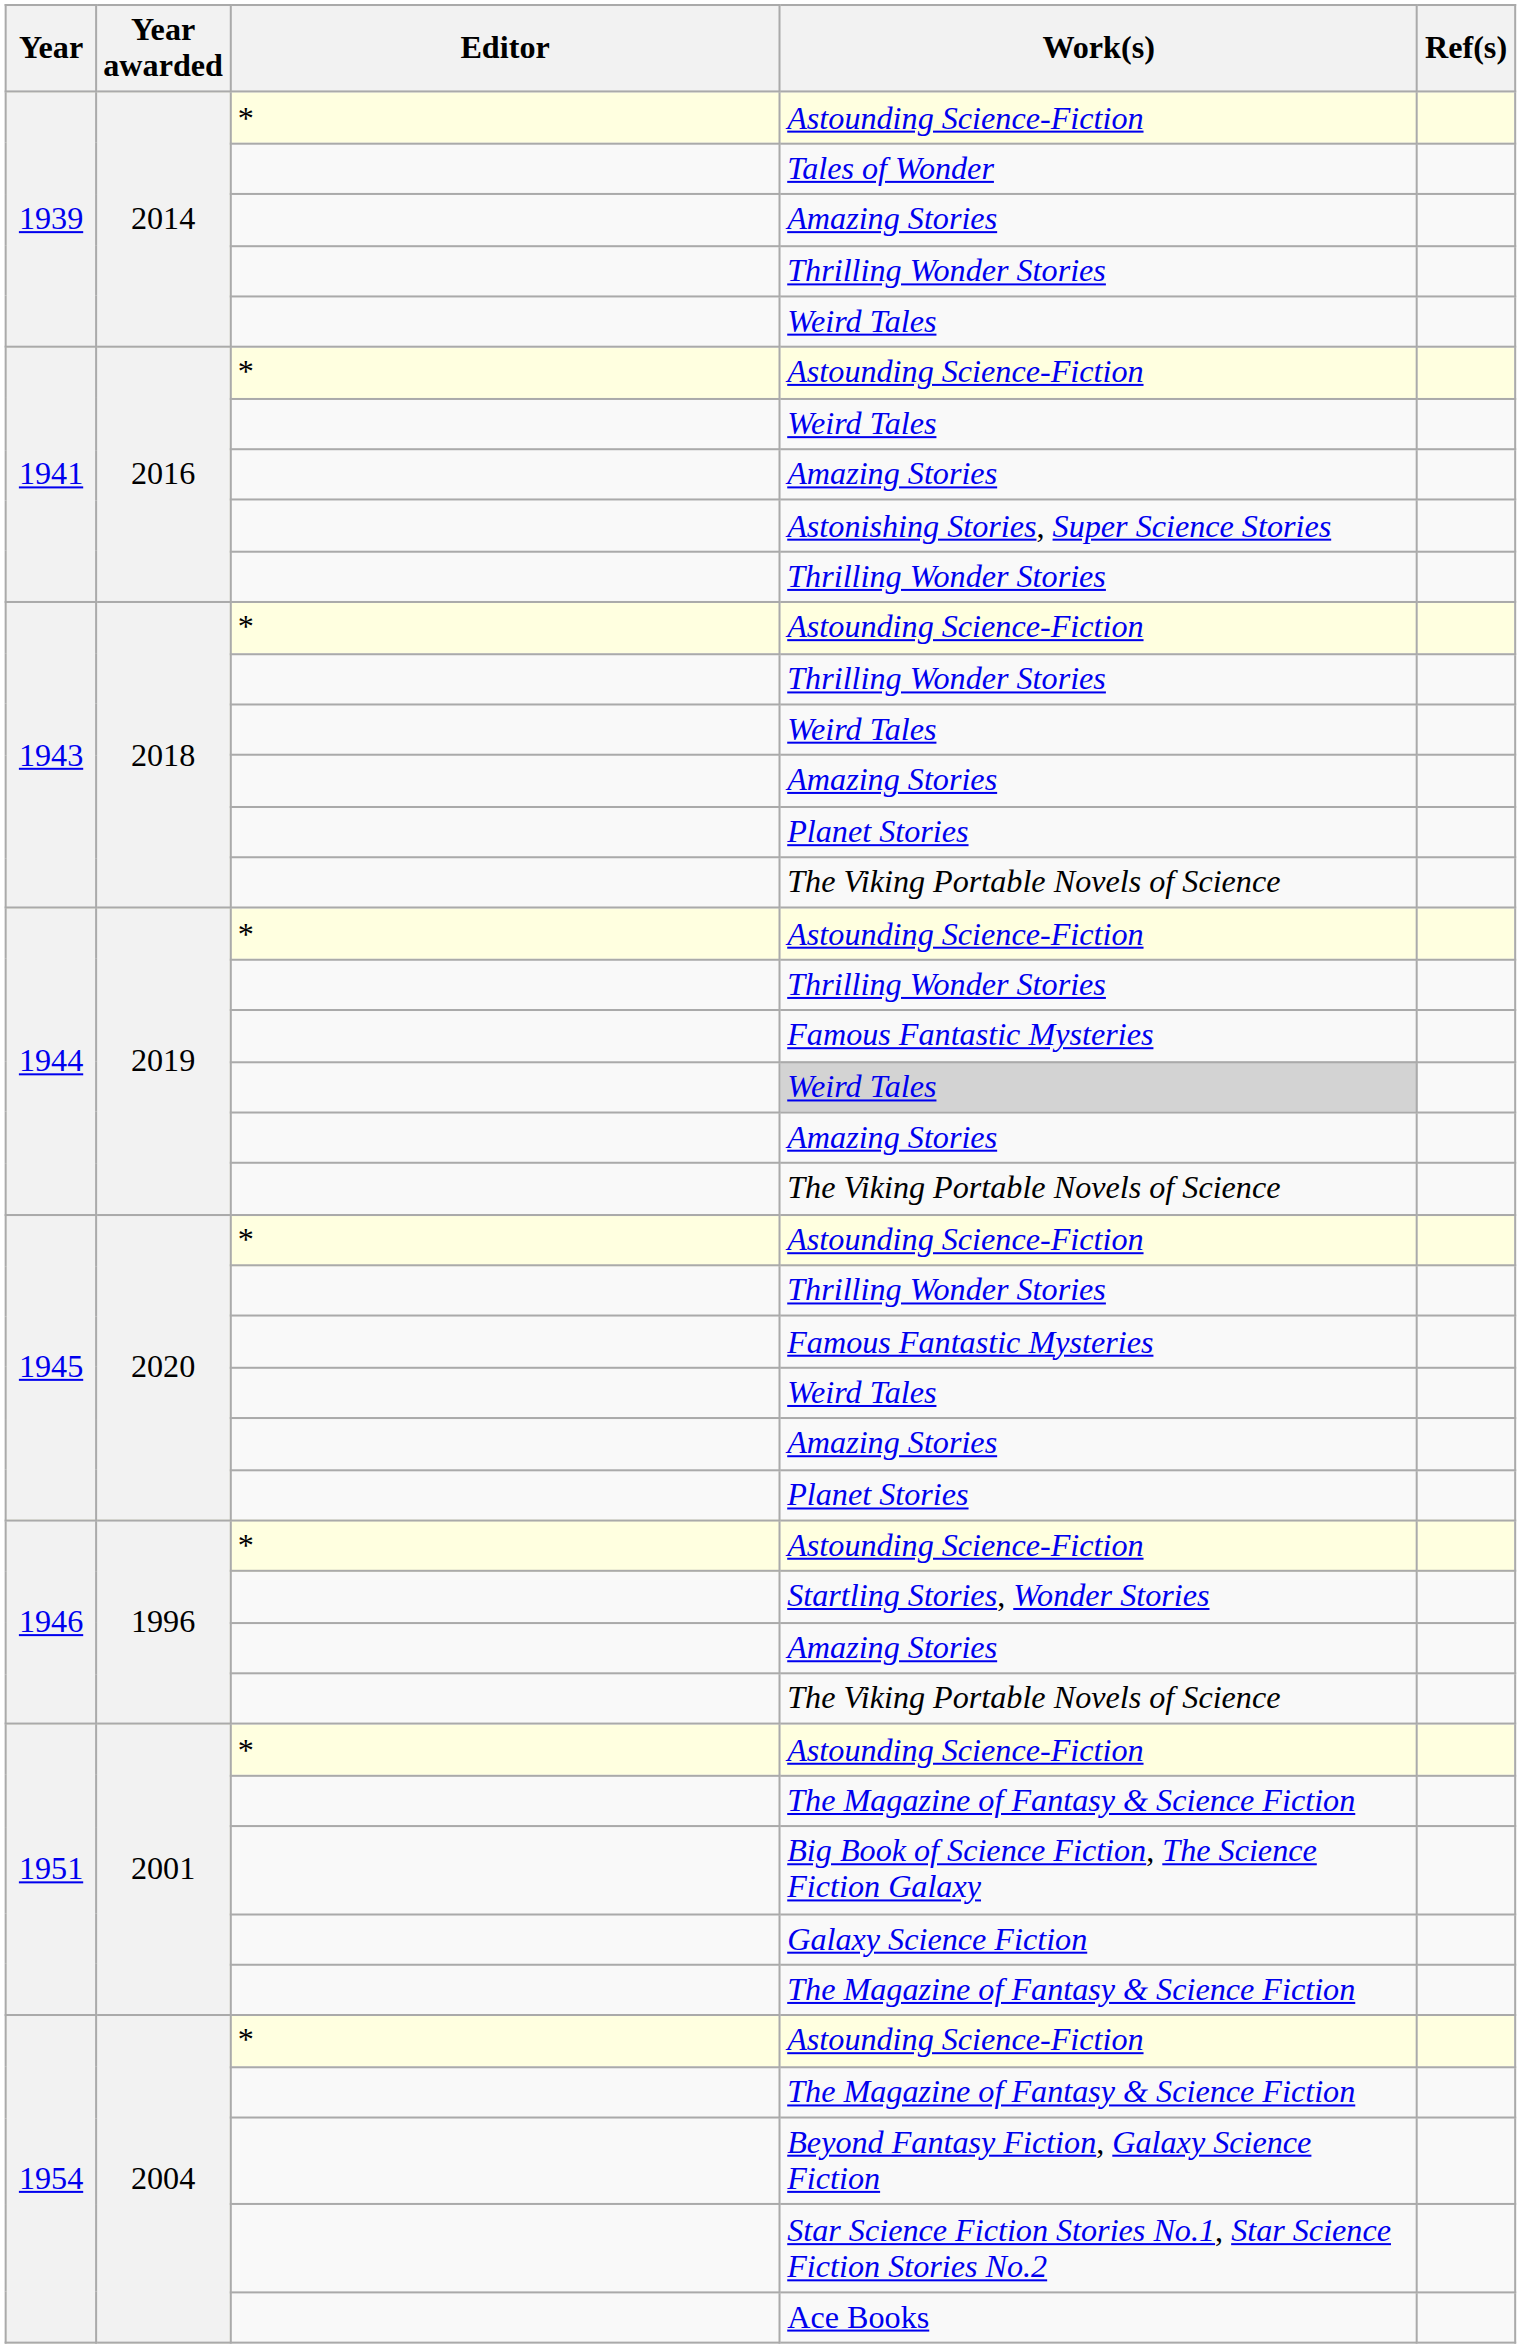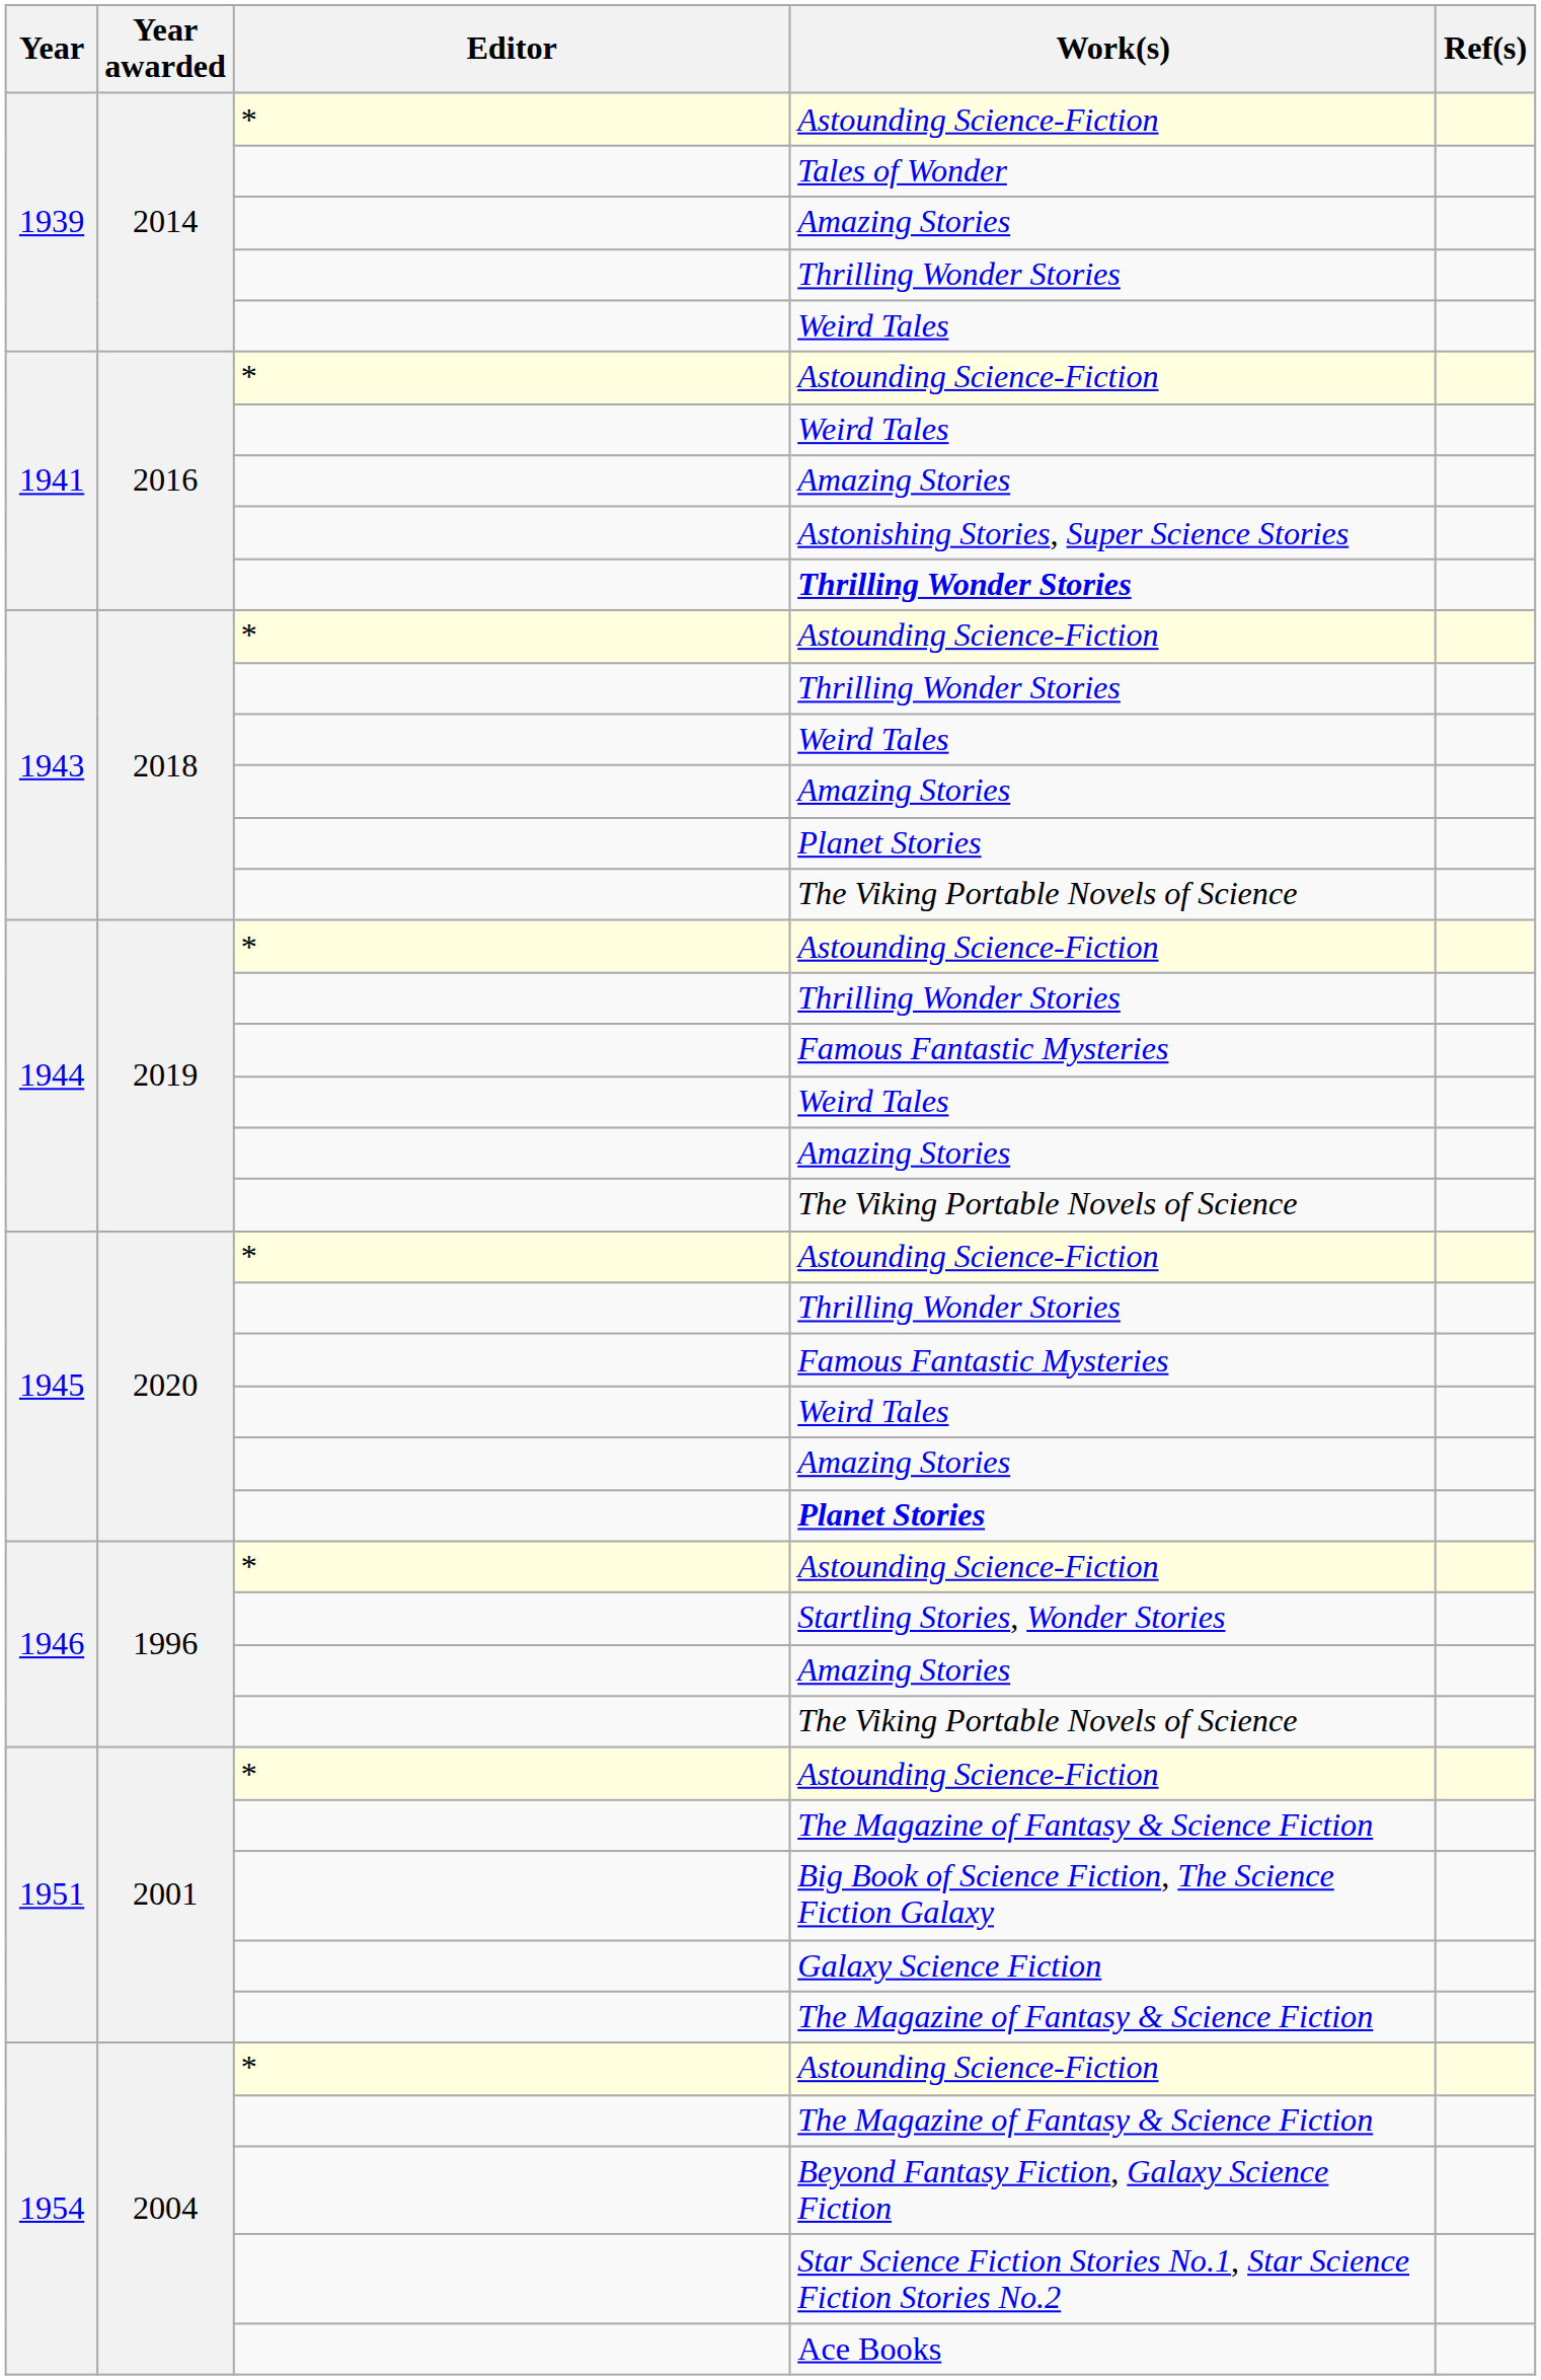 <table class="sortable wikitable" width="85%" cellpadding="5" style="margin: 1em auto 1em auto">
 <tr>
 <th width="6%" scope="col">Year</th>
 <th width="6%" scope="col">Year awarded</th>
 <th width="39%" scope="col">Editor</th>
 <th width="45%" scope="col" class="unsortable">Work(s)</th>
 <th width="4%" scope="col" class="unsortable">Ref(s)</th>
 </tr>
 <tr style="background:lightyellow;">
 <th scope="rowgroup" align="center" rowspan="5" style="font-weight:normal;"><a href='#'>1939</a></th>
 <th align="center" rowspan="5" style="font-weight:normal;">2014</th>
 <td>*</td>
 <td><em><a href='#'>Astounding Science-Fiction</a></em></td>
 <td align="center"></td>
 </tr>
 <tr>
 <td></td>
 <td><em><a href='#'>Tales of Wonder</a></em></td>
 <td align="center"></td>
 </tr>
 <tr>
 <td></td>
 <td><em><a href='#'>Amazing Stories</a></em></td>
 <td align="center"></td>
 </tr>
 <tr>
 <td></td>
 <td><em><a href='#'>Thrilling Wonder Stories</a></em></td>
 <td align="center"></td>
 </tr>
 <tr>
 <td></td>
 <td><em><a href='#'>Weird Tales</a></em></td>
 <td align="center"></td>
 </tr>
 <tr style="background:lightyellow;">
 <th scope="rowgroup" align="center" rowspan="5" style="font-weight:normal;"><a href='#'>1941</a></th>
 <th align="center" rowspan="5" style="font-weight:normal;">2016</th>
 <td>*</td>
 <td><em><a href='#'>Astounding Science-Fiction</a></em></td>
 <td align="center"></td>
 </tr>
 <tr>
 <td></td>
 <td><em><a href='#'>Weird Tales</a></em></td>
 <td align="center"></td>
 </tr>
 <tr>
 <td></td>
 <td><em><a href='#'>Amazing Stories</a></em></td>
 <td align="center"></td>
 </tr>
 <tr>
 <td></td>
 <td><em><a href='#'>Astonishing Stories</a></em>, <em><a href='#'>Super Science Stories</a></em></td>
 <td align="center"></td>
 </tr>
 <tr>
 <td></td>
-<td><em><a href='#'>Thrilling Wonder Stories</a></em></td>
+<td><strong><em><a href='#'>Thrilling Wonder Stories</a></em></strong></td>
 <td align="center"></td>
 </tr>
 <tr style="background:lightyellow;">
 <th scope="rowgroup" align="center" rowspan="6" style="font-weight:normal;"><a href='#'>1943</a></th>
 <th align="center" rowspan="6" style="font-weight:normal;">2018</th>
 <td>*</td>
 <td><em><a href='#'>Astounding Science-Fiction</a></em></td>
 <td align="center"></td>
 </tr>
 <tr>
 <td></td>
 <td><em><a href='#'>Thrilling Wonder Stories</a></em></td>
 <td align="center"></td>
 </tr>
 <tr>
 <td></td>
 <td><em><a href='#'>Weird Tales</a></em></td>
 <td align="center"></td>
 </tr>
 <tr>
 <td></td>
 <td><em><a href='#'>Amazing Stories</a></em></td>
 <td align="center"></td>
 </tr>
 <tr>
 <td></td>
 <td><em><a href='#'>Planet Stories</a></em></td>
 <td align="center"></td>
 </tr>
 <tr>
 <td></td>
 <td><em>The Viking Portable Novels of Science</em></td>
 <td align="center"></td>
 </tr>
 <tr style="background:lightyellow;">
 <th scope="rowgroup" align="center" rowspan="6" style="font-weight:normal;"><a href='#'>1944</a></th>
 <th align="center" rowspan="6" style="font-weight:normal;">2019</th>
 <td>*</td>
 <td><em><a href='#'>Astounding Science-Fiction</a></em></td>
 <td align="center"></td>
 </tr>
 <tr>
 <td></td>
 <td><em><a href='#'>Thrilling Wonder Stories</a></em></td>
 <td align="center"></td>
 </tr>
 <tr>
 <td></td>
 <td><em><a href='#'>Famous Fantastic Mysteries</a></em></td>
 <td align="center"></td>
 </tr>
 <tr>
 <td></td>
-<td style="background: lightgrey;"><em><a href='#'>Weird Tales</a></em></td>
+<td><em><a href='#'>Weird Tales</a></em></td>
 <td align="center"></td>
 </tr>
 <tr>
 <td></td>
 <td><em><a href='#'>Amazing Stories</a></em></td>
 <td align="center"></td>
 </tr>
 <tr>
 <td></td>
 <td><em>The Viking Portable Novels of Science</em></td>
 <td align="center"></td>
 </tr>
 <tr style="background:lightyellow;">
 <th scope="rowgroup" align="center" rowspan="6" style="font-weight:normal;"><a href='#'>1945</a></th>
 <th align="center" rowspan="6" style="font-weight:normal;">2020</th>
 <td>*</td>
 <td><em><a href='#'>Astounding Science-Fiction</a></em></td>
 <td align="center"></td>
 </tr>
 <tr>
 <td></td>
 <td><em><a href='#'>Thrilling Wonder Stories</a></em></td>
 <td align="center"></td>
 </tr>
 <tr>
 <td></td>
 <td><em><a href='#'>Famous Fantastic Mysteries</a></em></td>
 <td align="center"></td>
 </tr>
 <tr>
 <td></td>
 <td><em><a href='#'>Weird Tales</a></em></td>
 <td align="center"></td>
 </tr>
 <tr>
 <td></td>
 <td><em><a href='#'>Amazing Stories</a></em></td>
 <td align="center"></td>
 </tr>
 <tr>
 <td></td>
-<td><em><a href='#'>Planet Stories</a></em></td>
+<td><strong><em><a href='#'>Planet Stories</a></em></strong></td>
 <td align="center"></td>
 </tr>
 <tr style="background:lightyellow;">
 <th scope="rowgroup" align="center" rowspan="4" style="font-weight:normal;"><a href='#'>1946</a></th>
 <th align="center" rowspan="4" style="font-weight:normal;">1996</th>
 <td>*</td>
 <td><em><a href='#'>Astounding Science-Fiction</a></em></td>
 <td align="center"></td>
 </tr>
 <tr>
 <td></td>
 <td><em><a href='#'>Startling Stories</a></em>, <em><a href='#'>Wonder Stories</a></em></td>
 <td align="center"></td>
 </tr>
 <tr>
 <td></td>
 <td><em><a href='#'>Amazing Stories</a></em></td>
 <td align="center"></td>
 </tr>
 <tr>
 <td></td>
 <td><em>The Viking Portable Novels of Science</em></td>
 <td align="center"></td>
 </tr>
 <tr style="background:lightyellow;">
 <th scope="rowgroup" align="center" rowspan="5" style="font-weight:normal;"><a href='#'>1951</a></th>
 <th align="center" rowspan="5" style="font-weight:normal;">2001</th>
 <td>*</td>
 <td><em><a href='#'>Astounding Science-Fiction</a></em></td>
 <td align="center"></td>
 </tr>
 <tr>
 <td></td>
 <td><em><a href='#'>The Magazine of Fantasy & Science Fiction</a></em></td>
 <td align="center"></td>
 </tr>
 <tr>
 <td></td>
 <td><em><a href='#'>Big Book of Science Fiction</a></em>, <em><a href='#'>The Science Fiction Galaxy</a></em></td>
 <td align="center"></td>
 </tr>
 <tr>
 <td></td>
 <td><em><a href='#'>Galaxy Science Fiction</a></em></td>
 <td align="center"></td>
 </tr>
 <tr>
 <td></td>
 <td><em><a href='#'>The Magazine of Fantasy & Science Fiction</a></em></td>
 <td align="center"></td>
 </tr>
 <tr style="background:lightyellow;">
 <th scope="rowgroup" align="center" rowspan="5" style="font-weight:normal;"><a href='#'>1954</a></th>
 <th align="center" rowspan="5" style="font-weight:normal;">2004</th>
 <td>*</td>
 <td><em><a href='#'>Astounding Science-Fiction</a></em></td>
 <td align="center"></td>
 </tr>
 <tr>
 <td></td>
 <td><em><a href='#'>The Magazine of Fantasy & Science Fiction</a></em></td>
 <td align="center"></td>
 </tr>
 <tr>
 <td></td>
 <td><em><a href='#'>Beyond Fantasy Fiction</a></em>, <em><a href='#'>Galaxy Science Fiction</a></em></td>
 <td align="center"></td>
 </tr>
 <tr>
 <td></td>
 <td><em><a href='#'>Star Science Fiction Stories No.1</a></em>, <em><a href='#'>Star Science Fiction Stories No.2</a></em></td>
 <td align="center"></td>
 </tr>
 <tr>
 <td></td>
 <td><a href='#'>Ace Books</a></td>
 <td align="center"></td>
 </tr>
 </table>
